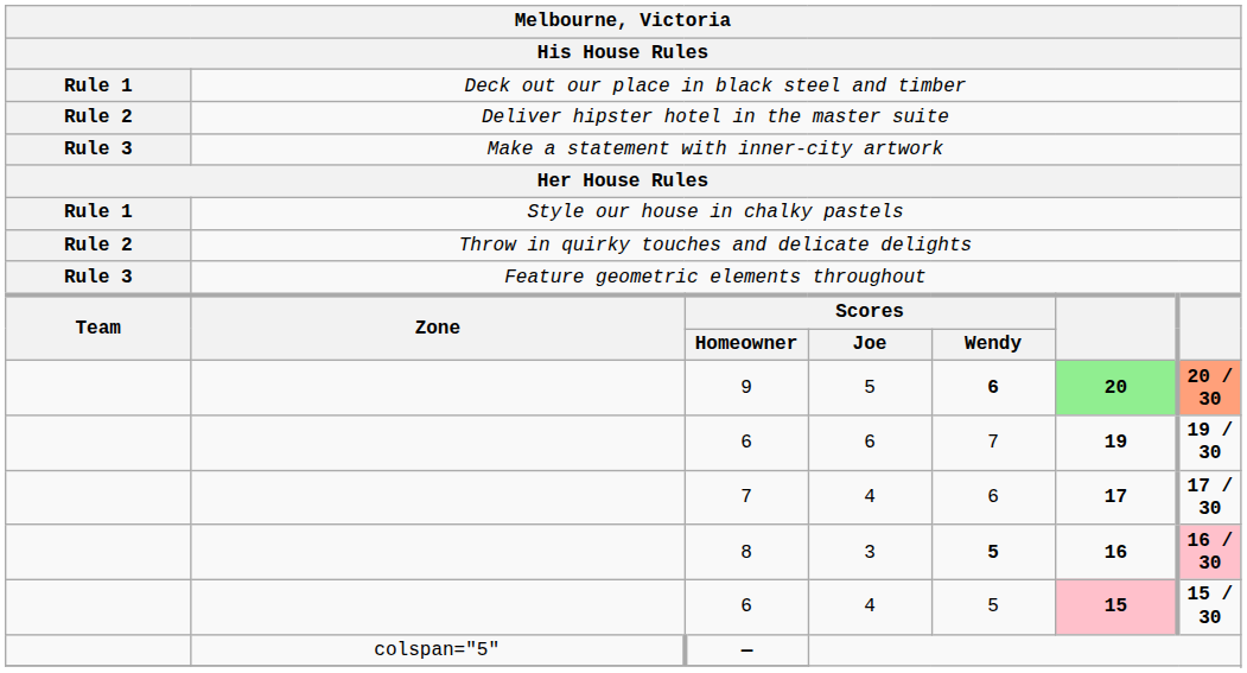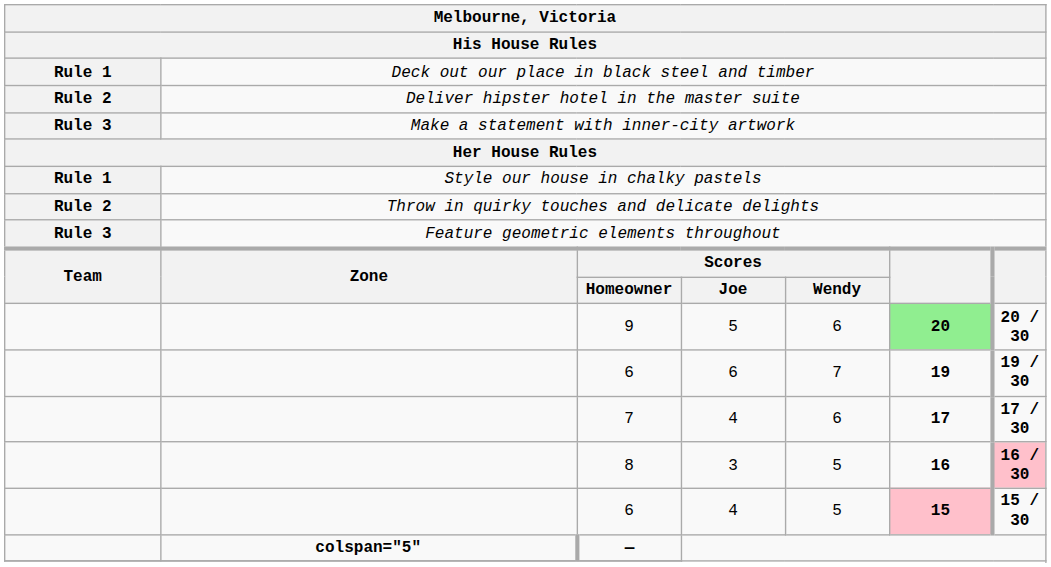 <table class="wikitable plainrowheaders" style="text-align:center; font-size:90%; width:65em;">
 <tr>
 <th colspan="7" >Melbourne, Victoria</th>
 </tr>
 <tr>
 <th colspan="7">His House Rules</th>
 </tr>
 <tr>
 <th>Rule 1</th>
 <td colspan="6"><em>Deck out our place in black steel and timber</em></td>
 </tr>
 <tr>
 <th>Rule 2</th>
 <td colspan="6"><em>Deliver hipster hotel in the master suite</em></td>
 </tr>
 <tr>
 <th>Rule 3</th>
 <td colspan="6"><em>Make a statement with inner-city artwork</em></td>
 </tr>
 <tr>
 <th colspan="7">Her House Rules</th>
 </tr>
 <tr>
 <th>Rule 1</th>
 <td colspan="6"><em>Style our house in chalky pastels</em></td>
 </tr>
 <tr>
 <th>Rule 2</th>
 <td colspan="6"><em>Throw in quirky touches and delicate delights</em></td>
 </tr>
 <tr>
 <th>Rule 3</th>
 <td colspan="6"><em>Feature geometric elements throughout</em></td>
 </tr>
 <tr style="border-top:3px solid #aaa;">
 <th rowspan="2">Team</th>
 <th rowspan="2" style="width:40%;">Zone</th>
 <th colspan="3" style="width:40%;">Scores</th>
 <th rowspan="2" style="width:10%;"></th>
 <th rowspan="2" style="width:10%; border-left:3px solid #aaa;"></th>
 </tr>
 <tr>
 <th style="width:10%;">Homeowner</th>
 <th style="width:10%;">Joe</th>
 <th style="width:10%;">Wendy</th>
 </tr>
 <tr>
 <td style="width:15%;"></td>
 <td></td>
 <td>9</td>
 <td>5</td>
-<td><strong>6</strong></td>
+<td>6</td>
 <td bgcolor="lightgreen"><strong>20</strong></td>
-<td style="background: lightsalmon; border-left:3px solid #aaa;"><strong>20 / 30</strong></td>
+<td style="border-left:3px solid #aaa;"><strong>20 / 30</strong></td>
 </tr>
 <tr>
 <td style="width:15%;"></td>
 <td></td>
 <td>6</td>
 <td>6</td>
 <td>7</td>
 <td><strong>19</strong></td>
 <td style="border-left:3px solid #aaa;"><strong>19 / 30</strong></td>
 </tr>
 <tr>
 <td style="width:15%;"></td>
 <td></td>
 <td>7</td>
 <td>4</td>
 <td>6</td>
 <td><strong>17</strong></td>
 <td style="border-left:3px solid #aaa;"><strong>17 / 30</strong></td>
 </tr>
 <tr>
 <td style="width:15%;"></td>
 <td></td>
 <td>8</td>
 <td>3</td>
-<td><strong>5</strong></td>
+<td>5</td>
 <td><strong>16</strong></td>
 <td style="background: pink; border-left:3px solid #aaa;"><strong>16 / 30</strong></td>
 </tr>
 <tr>
 <td style="width:15%;"></td>
 <td></td>
 <td>6</td>
 <td>4</td>
 <td>5</td>
 <td bgcolor="pink"><strong>15</strong></td>
 <td style="border-left:3px solid #aaa;"><strong>15 / 30</strong></td>
 </tr>
 <tr>
 <td style="width:15%;"></td>
-<td>colspan="5" </td>
+<td><strong>colspan="5" </strong></td>
 <td style="border-left:3px solid #aaa;"><strong>—</strong></td>
 </tr>
 <tr>
 </tr>
 </table>
